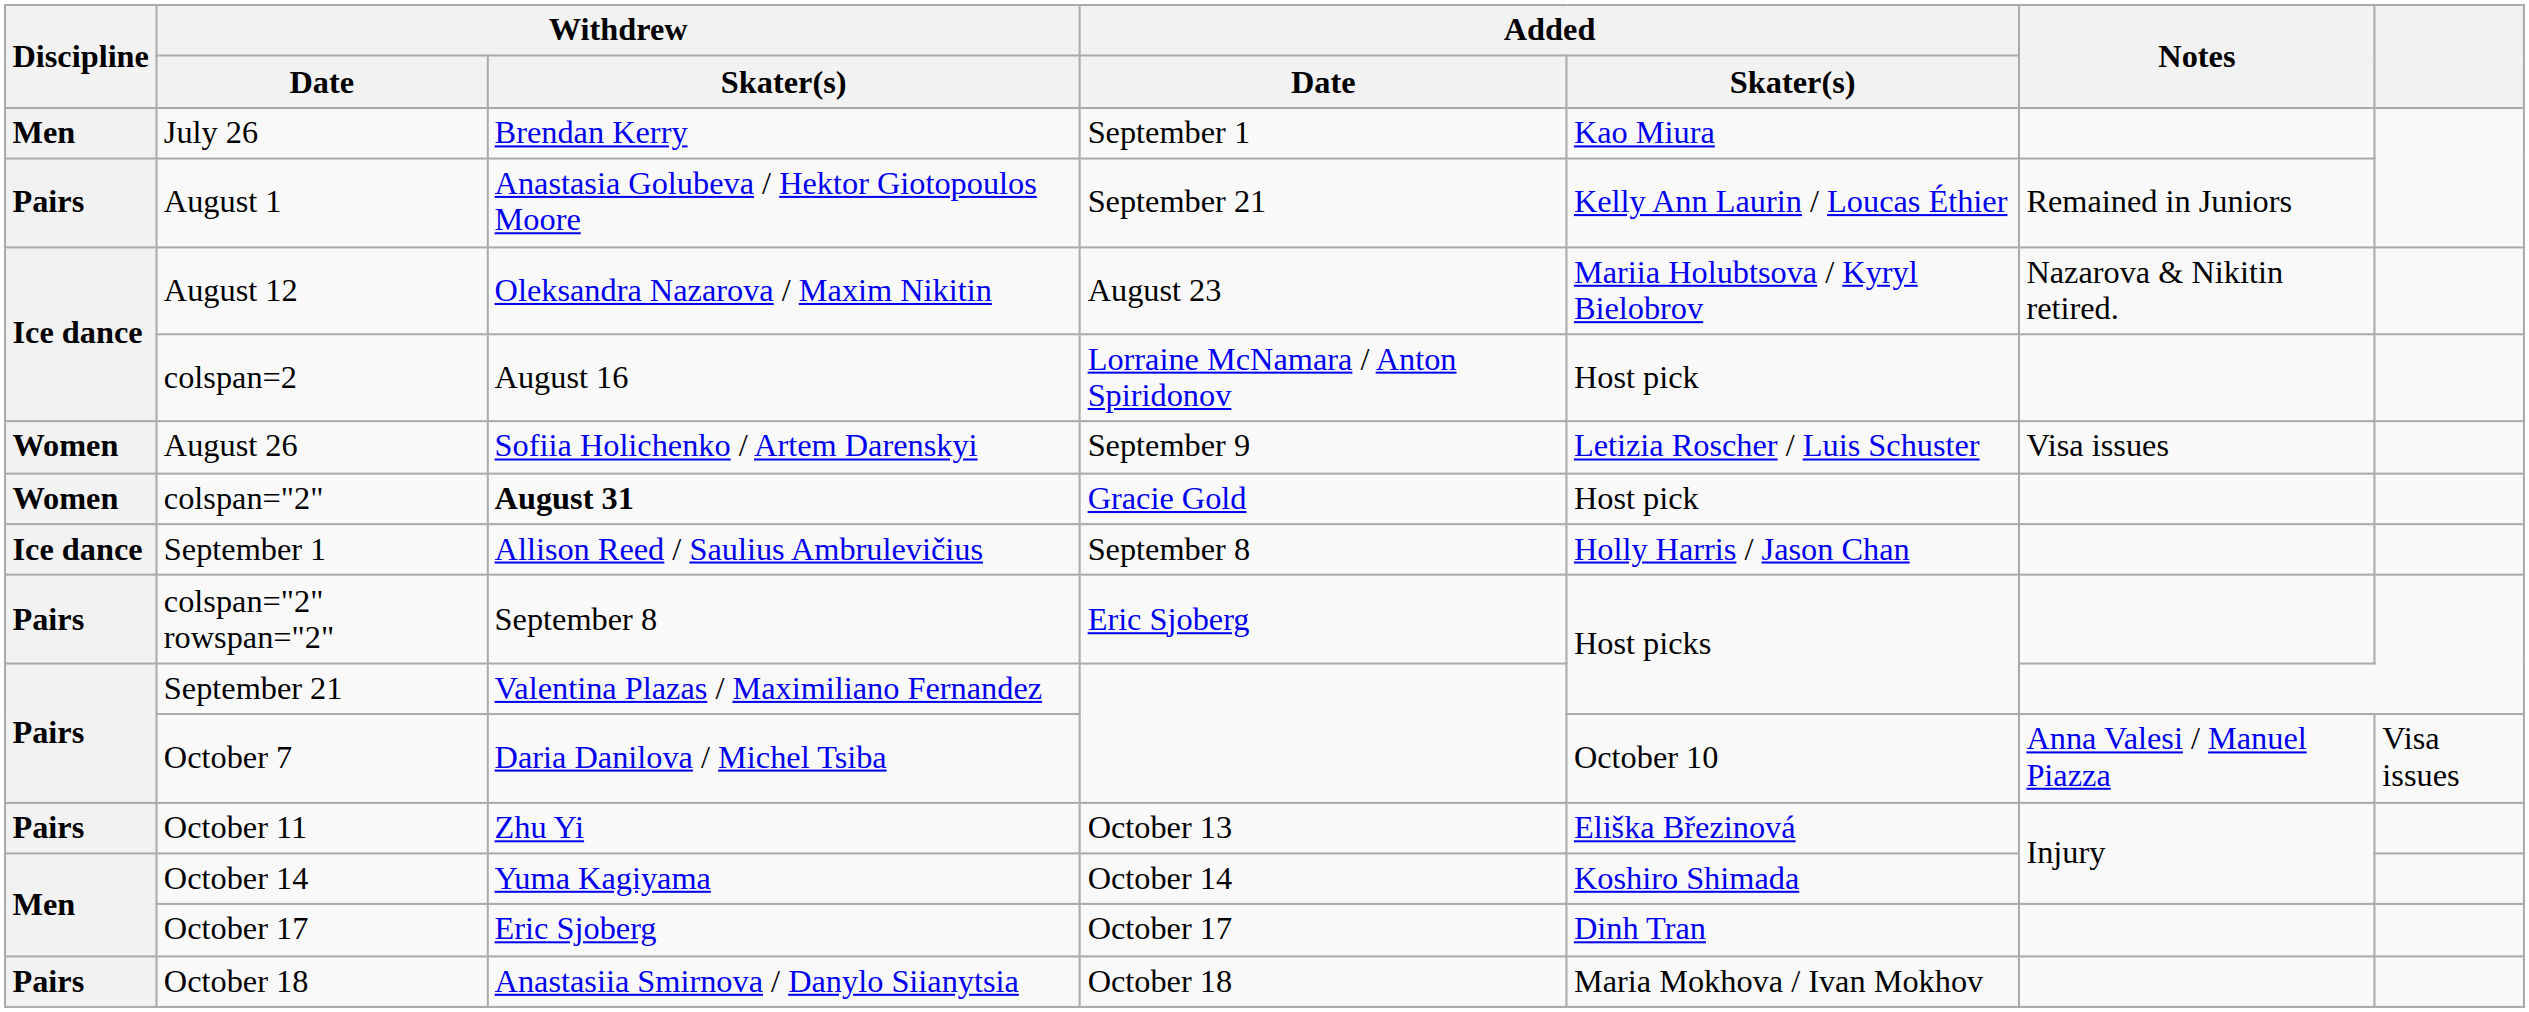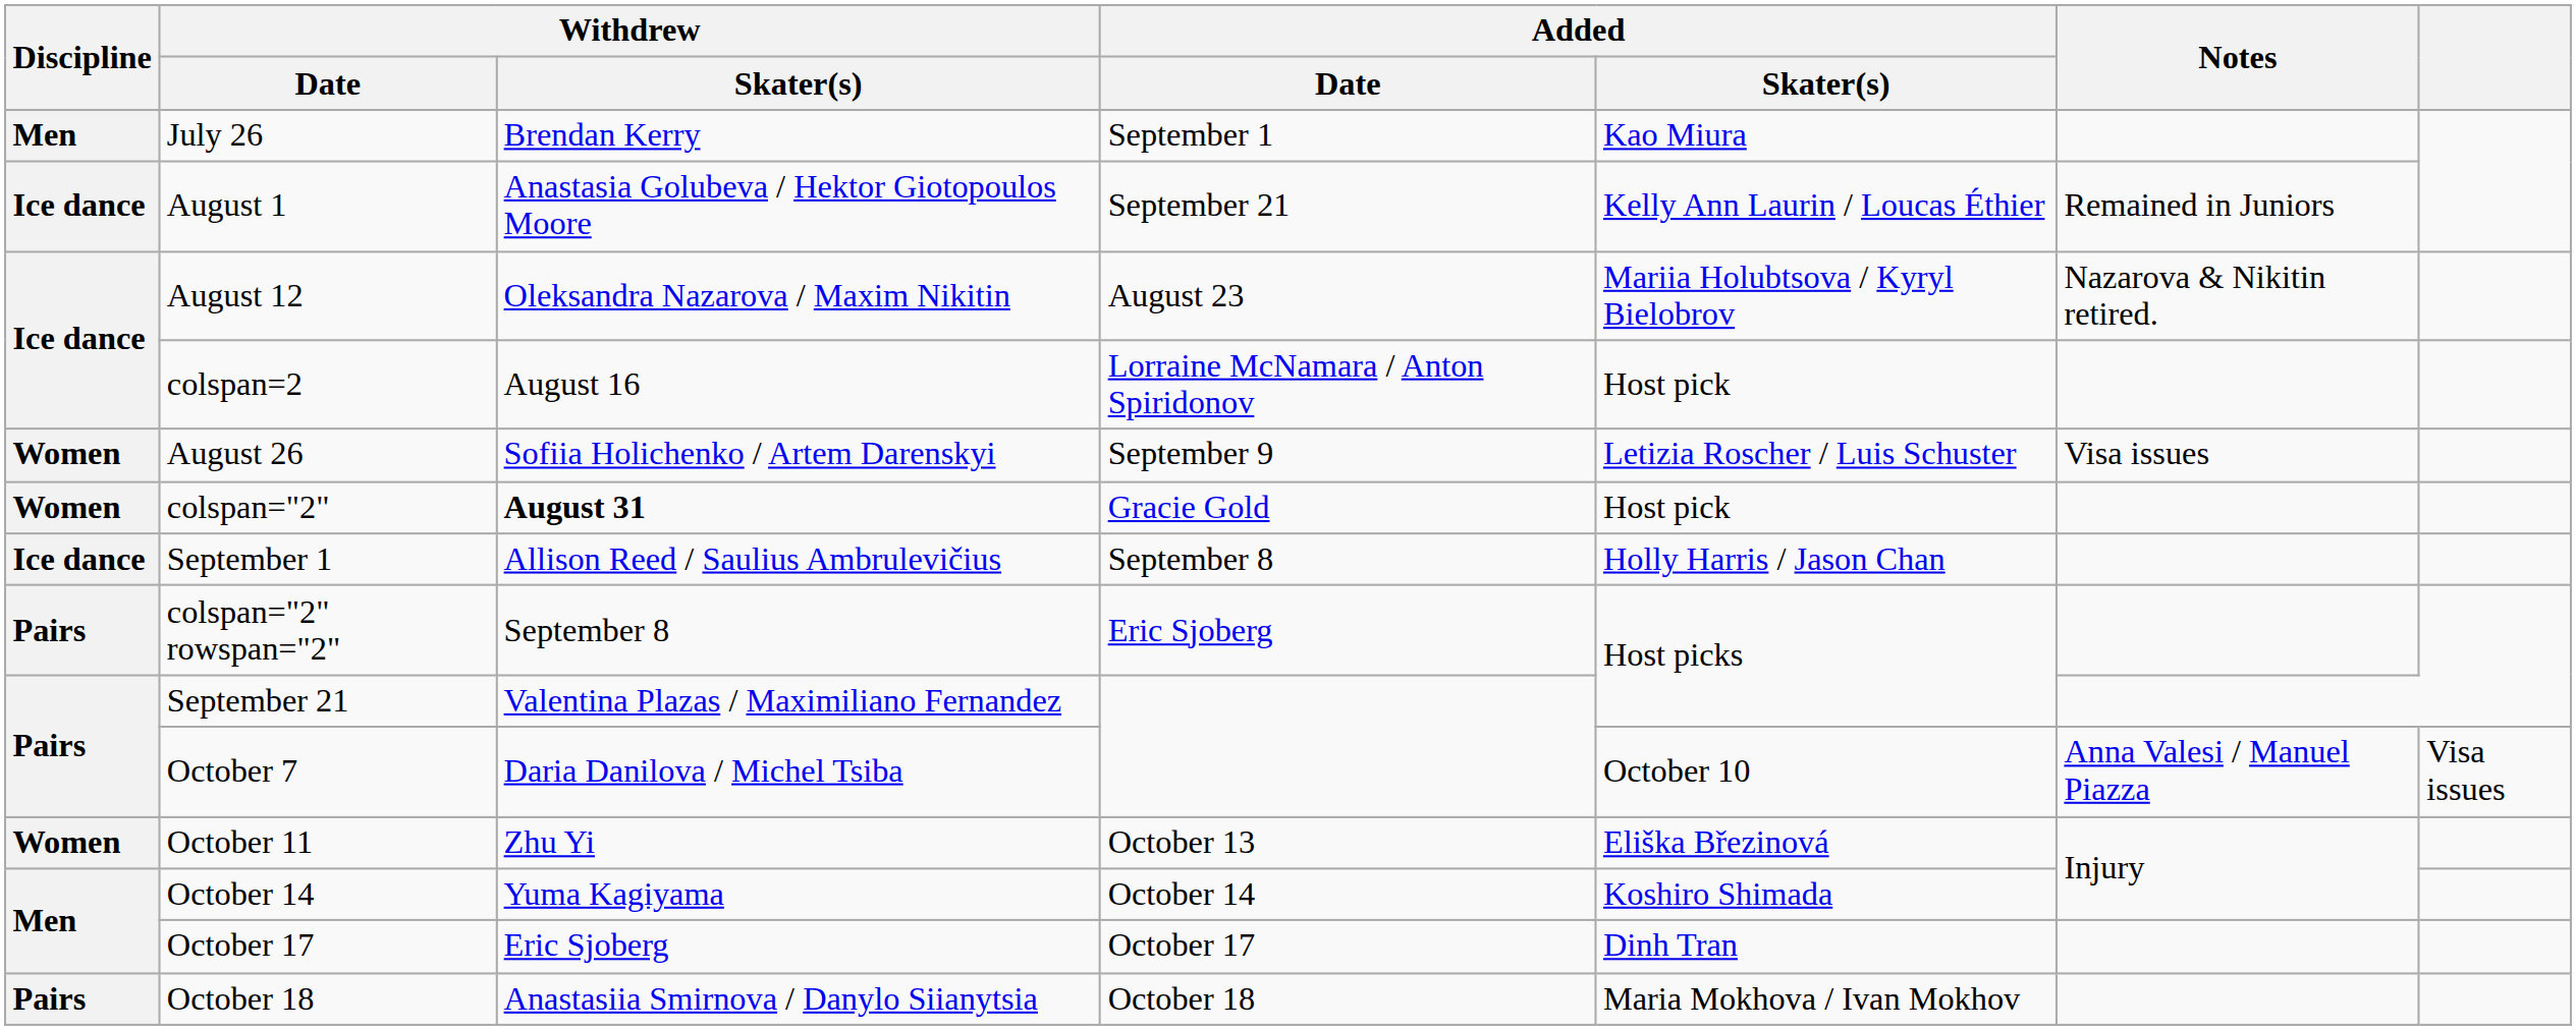 <table class="wikitable unsortable">
 <tr>
 <th scope="col" rowspan=2>Discipline</th>
 <th scope="col" colspan=2>Withdrew</th>
 <th scope="col" colspan=2>Added</th>
 <th scope="col" rowspan=2>Notes</th>
 <th scope="col" rowspan=2></th>
 </tr>
 <tr>
 <th>Date</th>
 <th>Skater(s)</th>
 <th>Date</th>
 <th>Skater(s)</th>
 </tr>
 <tr>
 <th scope="row" style="text-align:left">Men</th>
 <td>July 26</td>
 <td> <a href='#'>Brendan Kerry</a></td>
 <td>September 1</td>
 <td> <a href='#'>Kao Miura</a></td>
 <td></td>
 <td rowspan=2></td>
 </tr>
 <tr>
-<th scope="row" style="text-align:left">Pairs</th>
+<th scope="row" style="text-align:left">Ice dance</th>
 <td>August 1</td>
 <td> <a href='#'>Anastasia Golubeva</a> / <a href='#'>Hektor Giotopoulos Moore</a></td>
 <td>September 21</td>
 <td> <a href='#'>Kelly Ann Laurin</a> / <a href='#'>Loucas Éthier</a></td>
 <td>Remained in Juniors</td>
 </tr>
 <tr>
 <th scope="row" style="text-align:left" rowspan=2>Ice dance</th>
 <td>August 12</td>
 <td> <a href='#'>Oleksandra Nazarova</a> / <a href='#'>Maxim Nikitin</a></td>
 <td>August 23</td>
 <td> <a href='#'>Mariia Holubtsova</a> / <a href='#'>Kyryl Bielobrov</a></td>
 <td>Nazarova & Nikitin retired.</td>
 <td></td>
 </tr>
 <tr>
 <td>colspan=2 </td>
 <td>August 16</td>
 <td> <a href='#'>Lorraine McNamara</a> / <a href='#'>Anton Spiridonov</a></td>
 <td>Host pick</td>
 <td></td>
 </tr>
 <tr>
 <th scope="row" style="text-align:left">Women</th>
 <td>August 26</td>
 <td> <a href='#'>Sofiia Holichenko</a> / <a href='#'>Artem Darenskyi</a></td>
 <td>September 9</td>
 <td> <a href='#'>Letizia Roscher</a> / <a href='#'>Luis Schuster</a></td>
 <td>Visa issues</td>
 <td></td>
 </tr>
 <tr>
 <th scope="row" style="text-align:left">Women</th>
 <td>colspan="2" </td>
 <td><strong>August 31</strong></td>
 <td> <a href='#'>Gracie Gold</a></td>
 <td>Host pick</td>
 <td></td>
 </tr>
 <tr>
 <th scope="row" style="text-align:left">Ice dance</th>
 <td>September 1</td>
 <td> <a href='#'>Allison Reed</a> / <a href='#'>Saulius Ambrulevičius</a></td>
 <td>September 8</td>
 <td> <a href='#'>Holly Harris</a> / <a href='#'>Jason Chan</a></td>
 <td></td>
 <td></td>
 </tr>
 <tr>
 <th scope="row" style="text-align:left">Pairs</th>
 <td>colspan="2" rowspan="2" </td>
 <td>September 8</td>
 <td> <a href='#'>Eric Sjoberg</a></td>
 <td rowspan="2">Host picks</td>
 <td></td>
 </tr>
 <tr>
 <th scope="row" style="text-align:left" rowspan=2>Pairs</th>
 <td>September 21</td>
 <td> <a href='#'>Valentina Plazas</a> / <a href='#'>Maximiliano Fernandez</a></td>
 <td rowspan="2"></td>
 </tr>
 <tr>
 <td>October 7</td>
 <td> <a href='#'>Daria Danilova</a> / <a href='#'>Michel Tsiba</a></td>
 <td>October 10</td>
 <td> <a href='#'>Anna Valesi</a> / <a href='#'>Manuel Piazza</a></td>
 <td>Visa issues</td>
 </tr>
 <tr>
-<th scope="row" style="text-align:left">Pairs</th>
+<th scope="row" style="text-align:left">Women</th>
 <td>October 11</td>
 <td> <a href='#'>Zhu Yi</a></td>
 <td>October 13</td>
 <td> <a href='#'>Eliška Březinová</a></td>
 <td rowspan="2">Injury</td>
 <td></td>
 </tr>
 <tr>
 <th scope="row" style="text-align:left" rowspan=2>Men</th>
 <td>October 14</td>
 <td> <a href='#'>Yuma Kagiyama</a></td>
 <td>October 14</td>
 <td> <a href='#'>Koshiro Shimada</a></td>
 <td></td>
 </tr>
 <tr>
 <td>October 17</td>
 <td> <a href='#'>Eric Sjoberg</a></td>
 <td>October 17</td>
 <td> <a href='#'>Dinh Tran</a></td>
 <td></td>
 <td></td>
 </tr>
 <tr>
 <th scope="row" style="text-align:left">Pairs</th>
 <td>October 18</td>
 <td> <a href='#'>Anastasiia Smirnova</a> / <a href='#'>Danylo Siianytsia</a></td>
 <td>October 18</td>
 <td> Maria Mokhova / Ivan Mokhov</td>
 <td></td>
 <td></td>
 </tr>
 </table>
